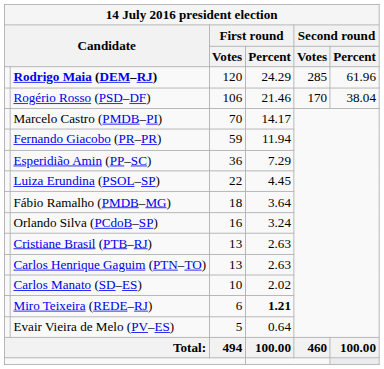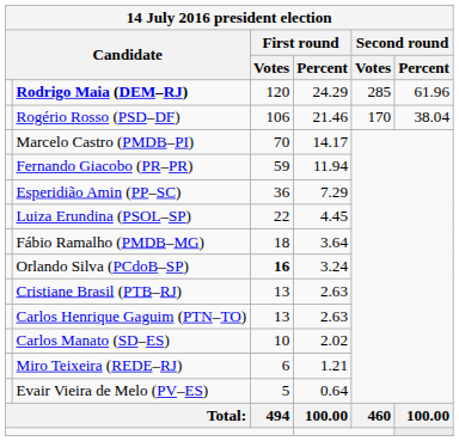 <table class="wikitable">
 <tr>
 <th colspan=6 style="background:#F5F5F5">14 July 2016 president election</th>
 </tr>
 <tr>
 <th colspan=2 rowspan=2>Candidate</th>
 <th colspan=2>First round</th>
 <th colspan=2>Second round</th>
 </tr>
 <tr>
 <th>Votes</th>
 <th>Percent</th>
 <th>Votes</th>
 <th>Percent</th>
 </tr>
 <tr>
 <td style="background-color:"></td>
 <td><strong><a href='#'>Rodrigo Maia</a> (<a href='#'>DEM</a>–<a href='#'>RJ</a>)</strong> </td>
 <td style="text-align:right">120</td>
 <td style="text-align:right">24.29</td>
 <td style="text-align:right">285</td>
 <td style="text-align:right">61.96</td>
 </tr>
 <tr>
 <td style="background-color:"></td>
 <td><a href='#'>Rogério Rosso</a> (<a href='#'>PSD</a>–<a href='#'>DF</a>)</td>
 <td style="text-align:right">106</td>
 <td style="text-align:right">21.46</td>
 <td style="text-align:right">170</td>
 <td style="text-align:right">38.04</td>
 </tr>
 <tr>
 <td style="background-color:"></td>
 <td>Marcelo Castro (<a href='#'>PMDB</a>–<a href='#'>PI</a>)</td>
 <td style="text-align:right">70</td>
 <td style="text-align:right">14.17</td>
 <td colspan=2 rowspan=11></td>
 </tr>
 <tr>
 <td style="background-color:"></td>
 <td><a href='#'>Fernando Giacobo</a> (<a href='#'>PR</a>–<a href='#'>PR</a>)</td>
 <td style="text-align:right">59</td>
 <td style="text-align:right">11.94</td>
 </tr>
 <tr>
 <td style="background-color:"></td>
 <td><a href='#'>Esperidião Amin</a> (<a href='#'>PP</a>–<a href='#'>SC</a>)</td>
 <td style="text-align:right">36</td>
 <td style="text-align:right">7.29</td>
 </tr>
 <tr>
 <td style="background-color:"></td>
 <td><a href='#'>Luiza Erundina</a> (<a href='#'>PSOL</a>–<a href='#'>SP</a>)</td>
 <td style="text-align:right">22</td>
 <td style="text-align:right">4.45</td>
 </tr>
 <tr>
 <td style="background-color:"></td>
 <td>Fábio Ramalho (<a href='#'>PMDB</a>–<a href='#'>MG</a>)</td>
 <td style="text-align:right">18</td>
 <td style="text-align:right">3.64</td>
 </tr>
 <tr>
 <td style="background-color:"></td>
 <td>Orlando Silva (<a href='#'>PCdoB</a>–<a href='#'>SP</a>)</td>
-<td style="text-align:right">16</td>
+<td style="text-align:right"><strong>16</strong></td>
 <td style="text-align:right">3.24</td>
 </tr>
 <tr>
 <td style="background-color:"></td>
 <td><a href='#'>Cristiane Brasil</a> (<a href='#'>PTB</a>–<a href='#'>RJ</a>)</td>
 <td style="text-align:right">13</td>
 <td style="text-align:right">2.63</td>
 </tr>
 <tr>
 <td style="background-color:"></td>
 <td><a href='#'>Carlos Henrique Gaguim</a> (<a href='#'>PTN</a>–<a href='#'>TO</a>)</td>
 <td style="text-align:right">13</td>
 <td style="text-align:right">2.63</td>
 </tr>
 <tr>
 <td style="background-color:"></td>
 <td><a href='#'>Carlos Manato</a> (<a href='#'>SD</a>–<a href='#'>ES</a>)</td>
 <td style="text-align:right">10</td>
 <td style="text-align:right">2.02</td>
 </tr>
 <tr>
 <td style="background-color:"></td>
 <td><a href='#'>Miro Teixeira</a> (<a href='#'>REDE</a>–<a href='#'>RJ</a>)</td>
 <td style="text-align:right">6</td>
-<td style="text-align:right"><strong>1.21</strong></td>
+<td style="text-align:right">1.21</td>
 </tr>
 <tr>
 <td style="background-color:"></td>
 <td>Evair Vieira de Melo (<a href='#'>PV</a>–<a href='#'>ES</a>)</td>
 <td style="text-align:right">5</td>
 <td style="text-align:right">0.64</td>
 </tr>
 <tr>
 <th colspan=2 style="text-align:right">Total:</th>
 <th style="text-align:right">494</th>
 <th style="text-align:right">100.00</th>
 <th style="text-align:right">460</th>
 <th style="text-align:right">100.00</th>
 </tr>
 <tr>
 <td colspan=3></td>
 <td colspan=2></td>
 <td style="background:#EBECF0" rowspan=2></td>
 </tr>
 </table>
